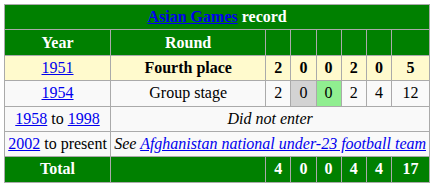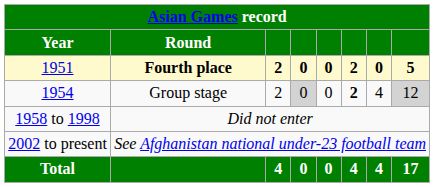 <table class="wikitable" style="text-align:center">
 <tr>
 <th colspan="8" style="background:green; color:#FFF; "><a href='#'><span>Asian Games</span></a> record</th>
 </tr>
 <tr>
 <th style="background:green; color:#FFF; ">Year</th>
 <th style="background:green; color:#FFF; ">Round</th>
 <th style="background:green; color:#FFF; "></th>
 <th style="background:green; color:#FFF; "></th>
 <th style="background:green; color:#FFF; "></th>
 <th style="background:green; color:#FFF; "></th>
 <th style="background:green; color:#FFF; "></th>
 <th style="background:green; color:#FFF; "></th>
 </tr>
 <tr style="background:LEMONCHIFFON">
 <td> <a href='#'>1951</a></td>
 <td><strong>Fourth place</strong></td>
 <td><strong>2</strong></td>
 <td><strong>0</strong></td>
 <td><strong>0</strong></td>
 <td><strong>2</strong></td>
 <td><strong>0</strong></td>
 <td><strong>5</strong></td>
 </tr>
 <tr>
 <td> <a href='#'>1954</a></td>
 <td>Group stage</td>
 <td>2</td>
 <td style="background: lightgrey;">0</td>
-<td style="background: lightgreen;">0</td>
-<td>2</td>
+<td>0</td>
+<td><strong>2</strong></td>
 <td>4</td>
-<td>12</td>
+<td style="background: lightgrey;">12</td>
 </tr>
 <tr>
 <td> <a href='#'>1958</a> to  <a href='#'>1998</a></td>
 <td colspan="7"><em>Did not enter</em></td>
 </tr>
 <tr>
 <td> <a href='#'>2002</a> to present</td>
 <td colspan="7"><em>See <a href='#'>Afghanistan national under-23 football team</a></em></td>
 </tr>
 <tr>
 <th style="background:green; color:#FFF; ">Total</th>
 <th style="background:green; color:#FFF; "></th>
 <th style="background:green; color:#FFF; ">4</th>
 <th style="background:green; color:#FFF; ">0</th>
 <th style="background:green; color:#FFF; ">0</th>
 <th style="background:green; color:#FFF; ">4</th>
 <th style="background:green; color:#FFF; ">4</th>
 <th style="background:green; color:#FFF; ">17</th>
 </tr>
 </table>
